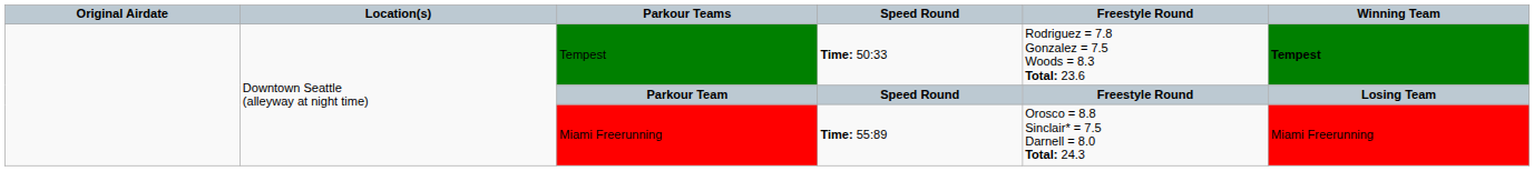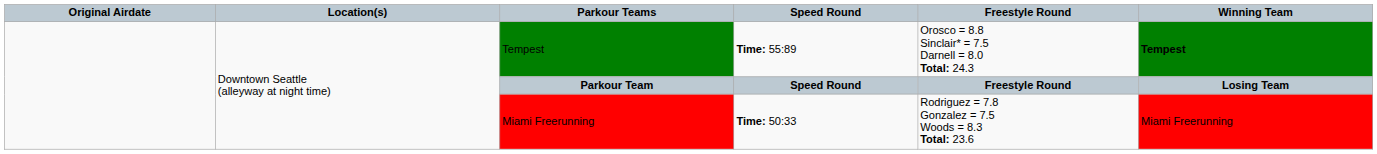 <table class="wikitable" style="margin: auto; width: 100%">
 <tr style="background:#BCC9D2; color:black">
 <th style="background-color: #BCC9D2;">Original Airdate</th>
 <th style="background-color: #BCC9D2;">Location(s)</th>
 <th style="background-color: #BCC9D2;">Parkour Teams</th>
 <th style="background-color: #BCC9D2;">Speed Round</th>
 <th style="background-color: #BCC9D2;">Freestyle Round</th>
 <th style="background-color: #BCC9D2;">Winning Team</th>
 </tr>
 <tr>
 <td rowspan="3"></td>
 <td rowspan="3">Downtown Seattle<br>(alleyway at night time)</td>
 <td bgcolor="green"><span>Tempest</span></td>
-<td><strong>Time:</strong> 50:33</td>
-<td>Rodriguez = 7.8<br>Gonzalez = 7.5<br>Woods = 8.3<br><strong>Total:</strong> 23.6</td>
+<td><strong>Time:</strong> 55:89</td>
+<td>Orosco = 8.8<br>Sinclair* = 7.5<br>Darnell = 8.0<br><strong>Total:</strong> 24.3</td>
 <td bgcolor="green"><strong><span>Tempest</span></strong></td>
 </tr>
 <tr>
 <th style="background-color: #BCC9D2;">Parkour Team</th>
 <th style="background-color: #BCC9D2;">Speed Round</th>
 <th style="background-color: #BCC9D2;">Freestyle Round</th>
 <th style="background-color: #BCC9D2;">Losing Team</th>
 </tr>
 <tr>
 <td bgcolor="red"><span>Miami Freerunning</span></td>
-<td><strong>Time:</strong> 55:89</td>
-<td>Orosco = 8.8<br>Sinclair* = 7.5<br>Darnell = 8.0<br><strong>Total:</strong> 24.3</td>
+<td><strong>Time:</strong> 50:33</td>
+<td>Rodriguez = 7.8<br>Gonzalez = 7.5<br>Woods = 8.3<br><strong>Total:</strong> 23.6</td>
 <td bgcolor="red"><span>Miami Freerunning</span></td>
 </tr>
 </table>
